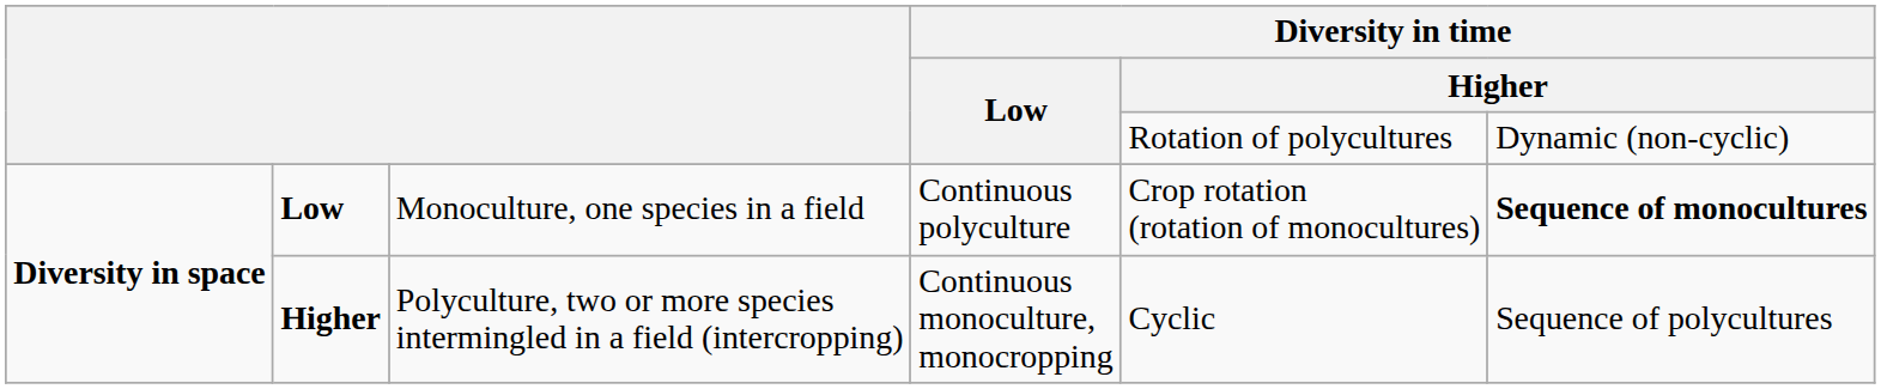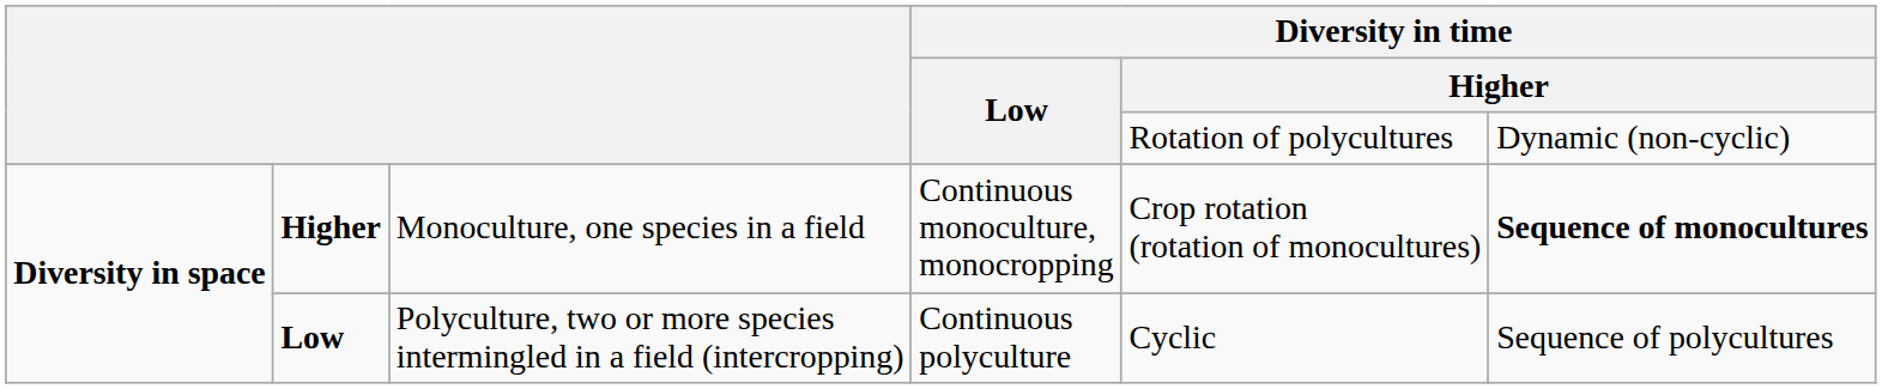 <table class="wikitable">
 <tr>
 <th rowspan="3" colspan="3"></th>
 <th colspan="3">Diversity in time</th>
 </tr>
 <tr>
 <th rowspan="2">Low</th>
 <th colspan="2">Higher</th>
 </tr>
 <tr>
 <td>Rotation of polycultures</td>
 <td>Dynamic (non-cyclic)</td>
 </tr>
 <tr>
 <td rowspan="2"><strong>Diversity in space</strong></td>
-<td><strong>Low</strong></td>
+<td><strong>Higher</strong></td>
 <td>Monoculture, one species in a field</td>
-<td>Continuous<br>polyculture</td>
+<td>Continuous<br>monoculture,<br>monocropping</td>
 <td>Crop rotation<br>(rotation of monocultures)</td>
 <td><strong>Sequence of monocultures</strong></td>
 </tr>
 <tr>
-<td><strong>Higher</strong></td>
+<td><strong>Low</strong></td>
 <td>Polyculture, two or more species<br>intermingled in a field (intercropping)</td>
-<td>Continuous<br>monoculture,<br>monocropping</td>
+<td>Continuous<br>polyculture</td>
 <td>Cyclic</td>
 <td>Sequence of polycultures</td>
 </tr>
 </table>
